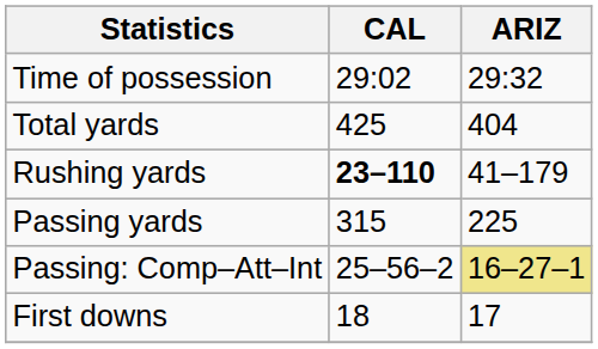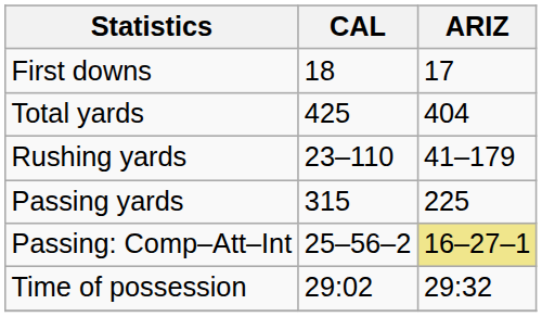 <table class="wikitable" style="float: left;">
 <tr>
 <th>Statistics</th>
 <th>CAL</th>
 <th>ARIZ</th>
 </tr>
 <tr>
-<td>Time of possession</td>
-<td>29:02</td>
-<td>29:32</td>
+<td>First downs</td>
+<td>18</td>
+<td>17</td>
 </tr>
 <tr>
 <td>Total yards</td>
 <td>425</td>
 <td>404</td>
 </tr>
 <tr>
 <td>Rushing yards</td>
-<td><strong>23–110</strong></td>
+<td>23–110</td>
 <td>41–179</td>
 </tr>
 <tr>
 <td>Passing yards</td>
 <td>315</td>
 <td>225</td>
 </tr>
 <tr>
 <td>Passing: Comp–Att–Int</td>
 <td>25–56–2</td>
 <td style="background: khaki;">16–27–1</td>
 </tr>
 <tr>
-<td>First downs</td>
-<td>18</td>
-<td>17</td>
+<td>Time of possession</td>
+<td>29:02</td>
+<td>29:32</td>
 </tr>
 <tr>
 </tr>
 </table>
